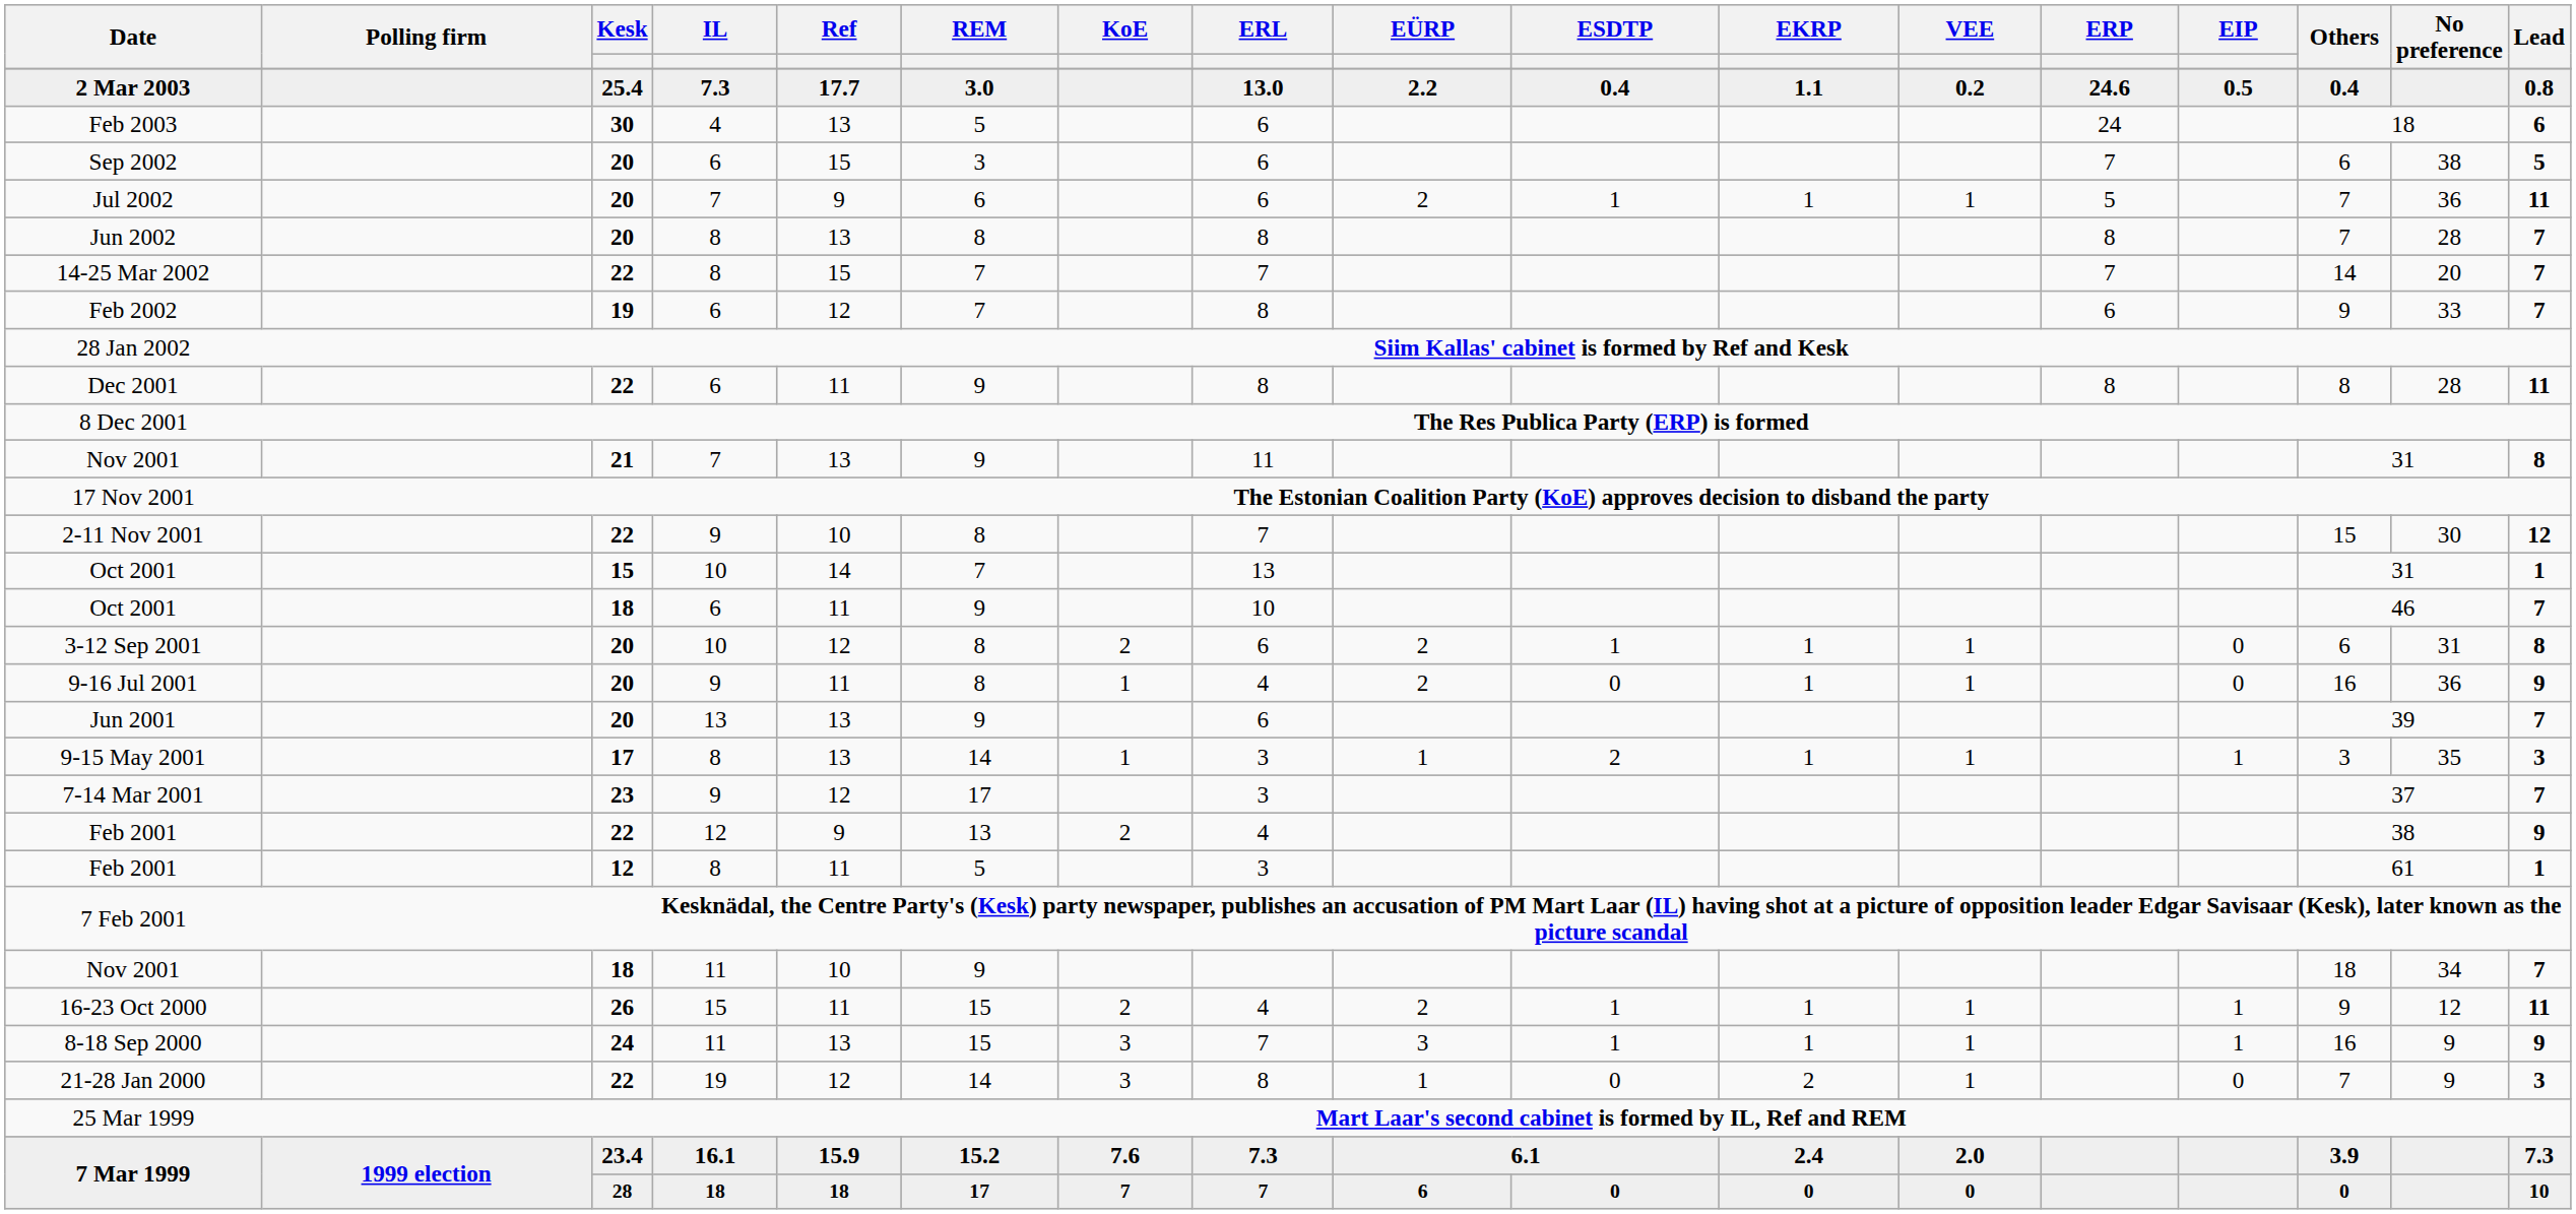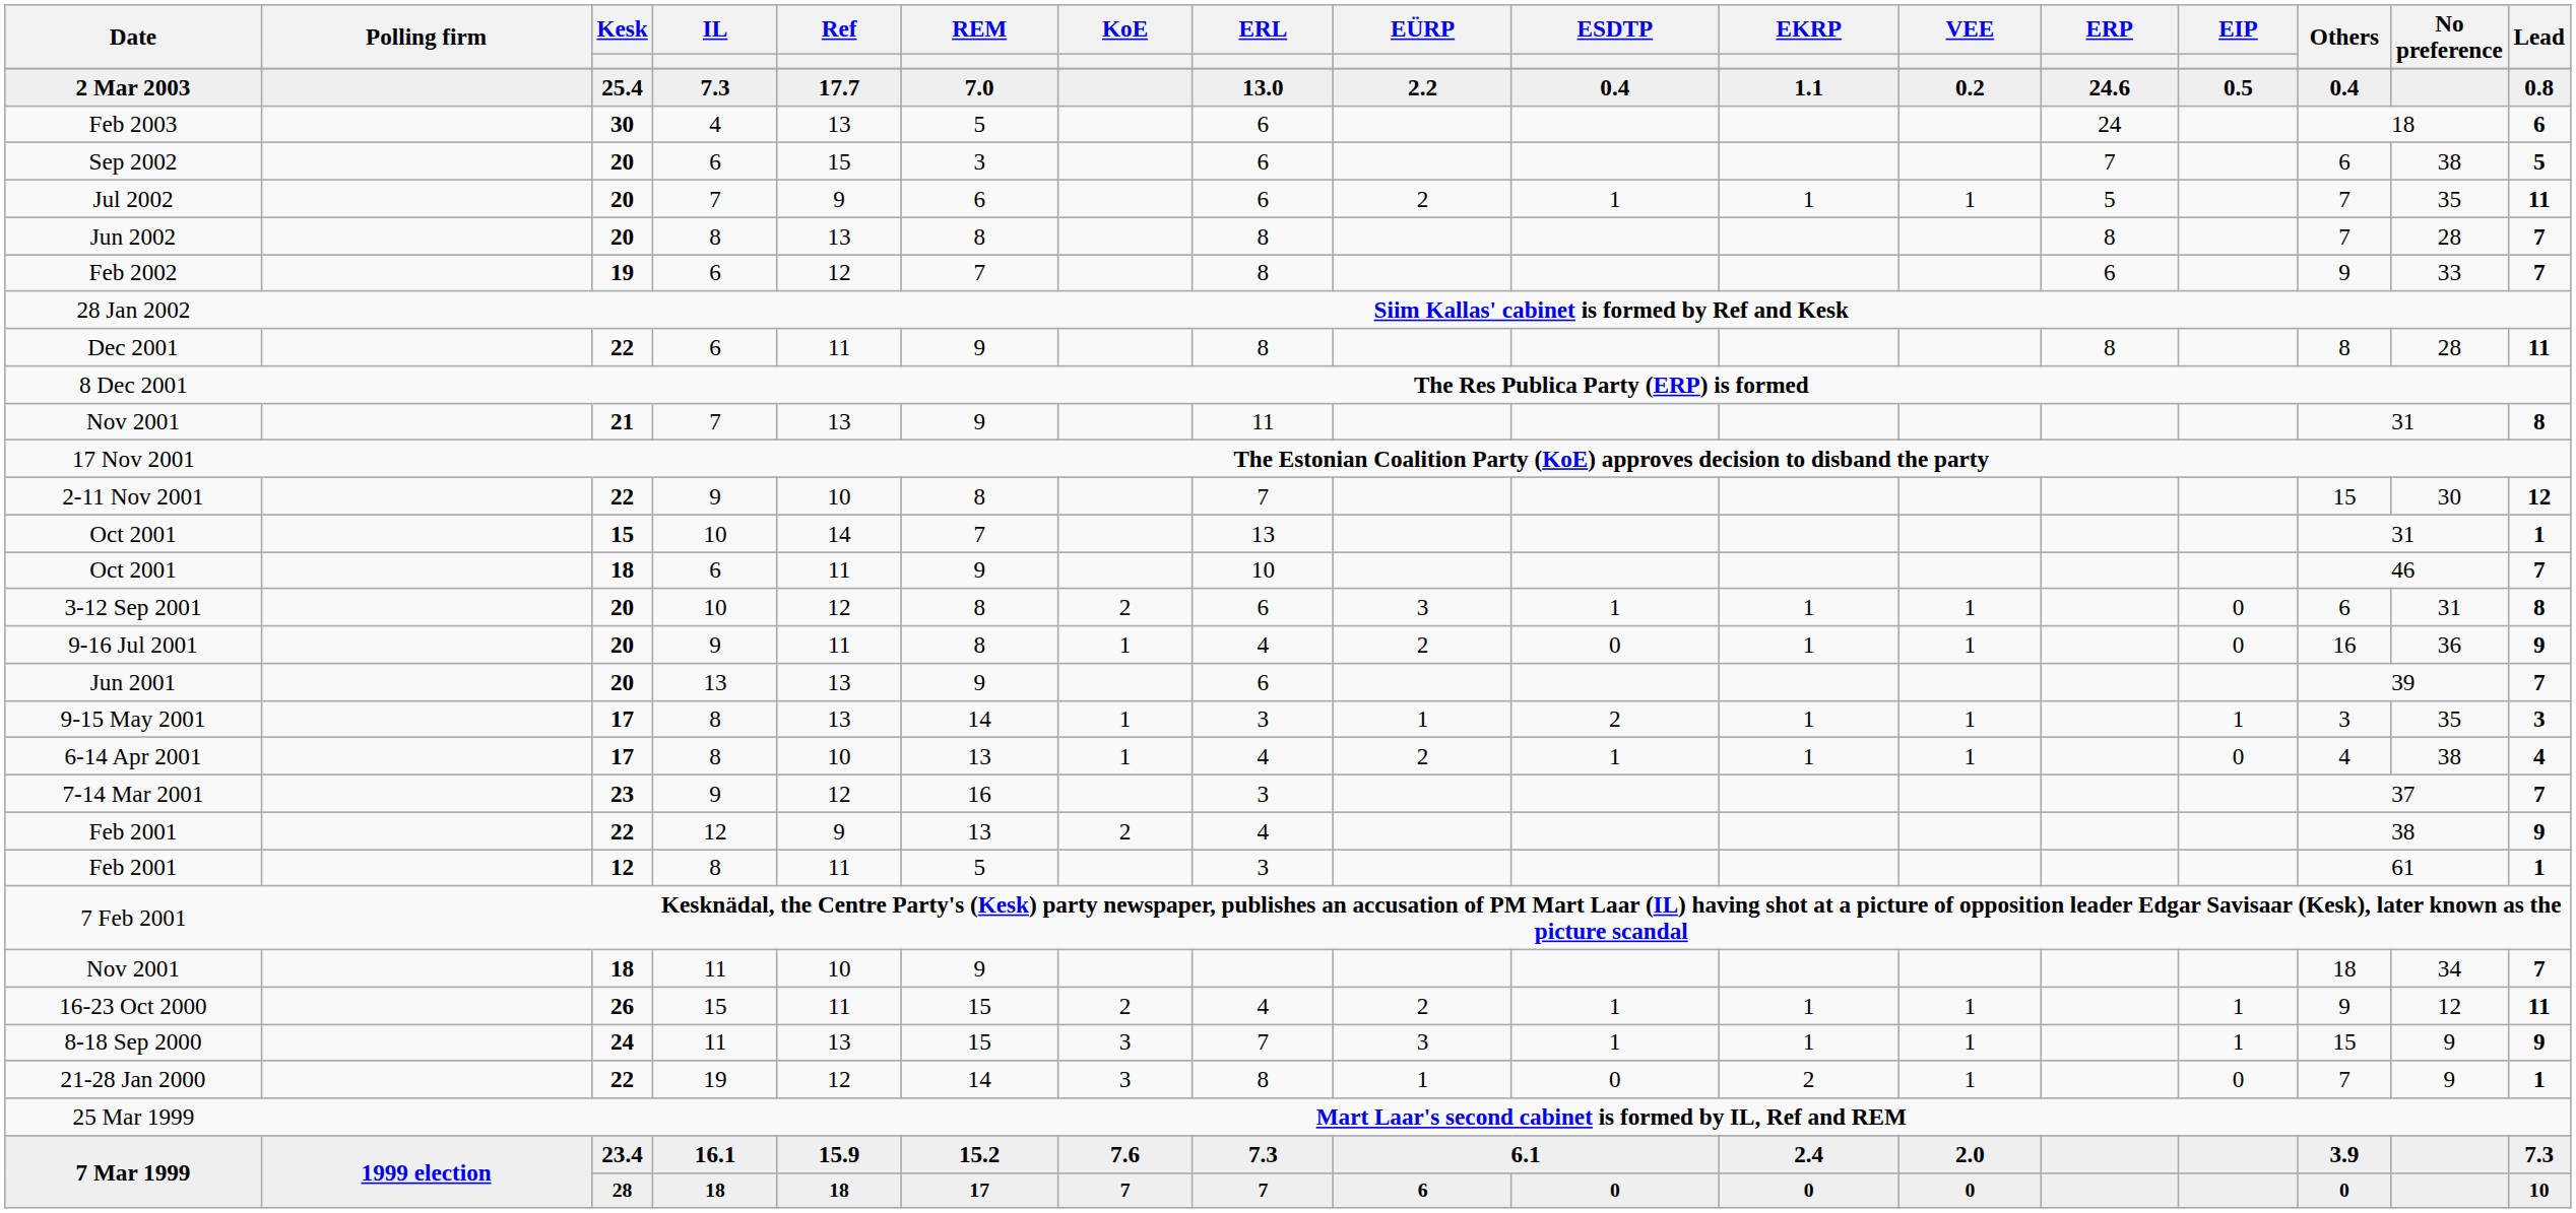 <table class="wikitable sortable" style="text-align:center; font-size:90%; line-height:16px;">
 <tr>
 <th rowspan="2" style="width:150px;">Date</th>
 <th rowspan="2" style="width:195px;">Polling firm</th>
 <th class="unsortable"><a href='#'><span>Kesk</span></a></th>
 <th class="unsortable"><a href='#'><span>IL</span></a></th>
 <th class="unsortable"><a href='#'><span>Ref</span></a></th>
 <th class="unsortable"><a href='#'><span>REM</span></a></th>
 <th class="unsortable"><a href='#'><span>KoE</span></a></th>
 <th class="unsortable"><a href='#'><span>ERL</span></a></th>
 <th class="unsortable"><a href='#'><span>EÜRP</span></a></th>
 <th class="unsortable"><a href='#'><span>ESDTP</span></a></th>
 <th class="unsortable"><a href='#'><span>EKRP</span></a></th>
 <th class="unsortable"><a href='#'><span>VEE</span></a></th>
 <th class="unsortable"><a href='#'><span>ERP</span></a></th>
 <th class="unsortable"><a href='#'><span>EIP</span></a></th>
 <th rowspan="2" style="width:50px;">Others</th>
 <th rowspan="2" style="width:50px;">No preference</th>
 <th rowspan="2" style="width:20px;">Lead</th>
 </tr>
 <tr>
 <th style="color:inherit;background:"></th>
 <th style="color:inherit;background:"></th>
 <th style="color:inherit;background:"></th>
 <th style="color:inherit;background:"></th>
 <th style="color:inherit;background:"></th>
 <th style="color:inherit;background:"></th>
 <th style="color:inherit;background:"></th>
 <th style="color:inherit;background:"></th>
 <th style="color:inherit;background:"></th>
 <th style="color:inherit;background:"></th>
 <th style="color:inherit;background:"></th>
 <th style="color:inherit;background:"></th>
 </tr>
 <tr>
 </tr>
 <tr style="background:#EFEFEF; font-weight:bold;">
 <td>2 Mar 2003</td>
 <td></td>
 <td>25.4</td>
 <td>7.3</td>
 <td>17.7</td>
-<td>3.0</td>
+<td>7.0</td>
 <td></td>
 <td>13.0</td>
 <td>2.2</td>
 <td>0.4</td>
 <td>1.1</td>
 <td>0.2</td>
 <td>24.6</td>
 <td>0.5</td>
 <td>0.4</td>
 <td></td>
 <td style="background:"><strong>0.8</strong></td>
 </tr>
 <tr>
 <td>Feb 2003</td>
 <td></td>
 <td><strong>30</strong></td>
 <td>4</td>
 <td>13</td>
 <td>5</td>
 <td></td>
 <td>6</td>
 <td></td>
 <td></td>
 <td></td>
 <td></td>
 <td>24</td>
 <td></td>
 <td colspan="2">18</td>
 <td style="background:"><strong>6</strong></td>
 </tr>
 <tr>
 <td>Sep 2002</td>
 <td></td>
 <td><strong>20</strong></td>
 <td>6</td>
 <td>15</td>
 <td>3</td>
 <td></td>
 <td>6</td>
 <td></td>
 <td></td>
 <td></td>
 <td></td>
 <td>7</td>
 <td></td>
 <td>6</td>
 <td>38</td>
 <td style="background:"><strong>5</strong></td>
 </tr>
 <tr>
 <td>Jul 2002</td>
 <td></td>
 <td><strong>20</strong></td>
 <td>7</td>
 <td>9</td>
 <td>6</td>
 <td></td>
 <td>6</td>
 <td>2</td>
 <td>1</td>
 <td>1</td>
 <td>1</td>
 <td>5</td>
 <td></td>
 <td>7</td>
-<td>36</td>
+<td>35</td>
 <td style="background:"><strong>11</strong></td>
 </tr>
 <tr>
 <td>Jun 2002</td>
 <td></td>
 <td><strong>20</strong></td>
 <td>8</td>
 <td>13</td>
 <td>8</td>
 <td></td>
 <td>8</td>
 <td></td>
 <td></td>
 <td></td>
 <td></td>
 <td>8</td>
 <td></td>
 <td>7</td>
 <td>28</td>
-<td style="background:"><strong>7</strong></td>
-</tr>
-<tr>
-<td>14-25 Mar 2002</td>
-<td></td>
-<td><strong>22</strong></td>
-<td>8</td>
-<td>15</td>
-<td>7</td>
-<td></td>
-<td>7</td>
-<td></td>
-<td></td>
-<td></td>
-<td></td>
-<td>7</td>
-<td></td>
-<td>14</td>
-<td>20</td>
 <td style="background:"><strong>7</strong></td>
 </tr>
 <tr>
 <td>Feb 2002</td>
 <td></td>
 <td><strong>19</strong></td>
 <td>6</td>
 <td>12</td>
 <td>7</td>
 <td></td>
 <td>8</td>
 <td></td>
 <td></td>
 <td></td>
 <td></td>
 <td>6</td>
 <td></td>
 <td>9</td>
 <td>33</td>
 <td style="background:"><strong>7</strong></td>
 </tr>
 <tr>
 <td style="border-right-style:hidden;">28 Jan 2002</td>
 <td style="border-right-style:hidden;"></td>
 <td style="border-right-style:hidden;"></td>
 <td colspan="14"><strong><a href='#'>Siim Kallas' cabinet</a> is formed by Ref and Kesk</strong></td>
 </tr>
 <tr>
 <td>Dec 2001</td>
 <td></td>
 <td><strong>22</strong></td>
 <td>6</td>
 <td>11</td>
 <td>9</td>
 <td></td>
 <td>8</td>
 <td></td>
 <td></td>
 <td></td>
 <td></td>
 <td>8</td>
 <td></td>
 <td>8</td>
 <td>28</td>
 <td style="background:"><strong>11</strong></td>
 </tr>
 <tr>
 <td style="border-right-style:hidden;">8 Dec 2001</td>
 <td style="border-right-style:hidden;"></td>
 <td style="border-right-style:hidden;"></td>
 <td colspan="14"><strong>The Res Publica Party (<a href='#'>ERP</a>) is formed</strong></td>
 </tr>
 <tr>
 <td>Nov 2001</td>
 <td></td>
 <td><strong>21</strong></td>
 <td>7</td>
 <td>13</td>
 <td>9</td>
 <td></td>
 <td>11</td>
 <td></td>
 <td></td>
 <td></td>
 <td></td>
 <td></td>
 <td></td>
 <td colspan="2">31</td>
 <td style="background:"><strong>8</strong></td>
 </tr>
 <tr>
 <td style="border-right-style:hidden;">17 Nov 2001</td>
 <td style="border-right-style:hidden;"></td>
 <td style="border-right-style:hidden;"></td>
 <td colspan="14"><strong>The Estonian Coalition Party (<a href='#'>KoE</a>) approves decision to disband the party</strong></td>
 </tr>
 <tr>
 <td>2-11 Nov 2001</td>
 <td></td>
 <td><strong>22</strong></td>
 <td>9</td>
 <td>10</td>
 <td>8</td>
 <td></td>
 <td>7</td>
 <td></td>
 <td></td>
 <td></td>
 <td></td>
 <td></td>
 <td></td>
 <td>15</td>
 <td>30</td>
 <td style="background:"><strong>12</strong></td>
 </tr>
 <tr>
 <td>Oct 2001</td>
 <td></td>
 <td><strong>15</strong></td>
 <td>10</td>
 <td>14</td>
 <td>7</td>
 <td></td>
 <td>13</td>
 <td></td>
 <td></td>
 <td></td>
 <td></td>
 <td></td>
 <td></td>
 <td colspan="2">31</td>
 <td style="background:"><strong>1</strong></td>
 </tr>
 <tr>
 <td>Oct 2001</td>
 <td></td>
 <td><strong>18</strong></td>
 <td>6</td>
 <td>11</td>
 <td>9</td>
 <td></td>
 <td>10</td>
 <td></td>
 <td></td>
 <td></td>
 <td></td>
 <td></td>
 <td></td>
 <td colspan="2">46</td>
 <td style="background:"><strong>7</strong></td>
 </tr>
 <tr>
 <td>3-12 Sep 2001</td>
 <td></td>
 <td><strong>20</strong></td>
 <td>10</td>
 <td>12</td>
 <td>8</td>
 <td>2</td>
 <td>6</td>
-<td>2</td>
+<td>3</td>
 <td>1</td>
 <td>1</td>
 <td>1</td>
 <td></td>
 <td>0</td>
 <td>6</td>
 <td>31</td>
 <td style="background:"><strong>8</strong></td>
 </tr>
 <tr>
 <td>9-16 Jul 2001</td>
 <td></td>
 <td><strong>20</strong></td>
 <td>9</td>
 <td>11</td>
 <td>8</td>
 <td>1</td>
 <td>4</td>
 <td>2</td>
 <td>0</td>
 <td>1</td>
 <td>1</td>
 <td></td>
 <td>0</td>
 <td>16</td>
 <td>36</td>
 <td style="background:"><strong>9</strong></td>
 </tr>
 <tr>
 <td>Jun 2001</td>
 <td></td>
 <td><strong>20</strong></td>
 <td>13</td>
 <td>13</td>
 <td>9</td>
 <td></td>
 <td>6</td>
 <td></td>
 <td></td>
 <td></td>
 <td></td>
 <td></td>
 <td></td>
 <td colspan="2">39</td>
 <td style="background:"><strong>7</strong></td>
 </tr>
 <tr>
 <td>9-15 May 2001</td>
 <td></td>
 <td><strong>17</strong></td>
 <td>8</td>
 <td>13</td>
 <td>14</td>
 <td>1</td>
 <td>3</td>
 <td>1</td>
 <td>2</td>
 <td>1</td>
 <td>1</td>
 <td></td>
 <td>1</td>
 <td>3</td>
 <td>35</td>
 <td style="background:"><strong>3</strong></td>
 </tr>
 <tr>
+<td>6-14 Apr 2001</td>
+<td></td>
+<td><strong>17</strong></td>
+<td>8</td>
+<td>10</td>
+<td>13</td>
+<td>1</td>
+<td>4</td>
+<td>2</td>
+<td>1</td>
+<td>1</td>
+<td>1</td>
+<td></td>
+<td>0</td>
+<td>4</td>
+<td>38</td>
+<td style="background:"><strong>4</strong></td>
+</tr>
+<tr>
 <td>7-14 Mar 2001</td>
 <td></td>
 <td><strong>23</strong></td>
 <td>9</td>
 <td>12</td>
-<td>17</td>
+<td>16</td>
 <td></td>
 <td>3</td>
 <td></td>
 <td></td>
 <td></td>
 <td></td>
 <td></td>
 <td></td>
 <td colspan="2">37</td>
 <td style="background:"><strong>7</strong></td>
 </tr>
 <tr>
 <td>Feb 2001</td>
 <td></td>
 <td><strong>22</strong></td>
 <td>12</td>
 <td>9</td>
 <td>13</td>
 <td>2</td>
 <td>4</td>
 <td></td>
 <td></td>
 <td></td>
 <td></td>
 <td></td>
 <td></td>
 <td colspan="2">38</td>
 <td style="background:"><strong>9</strong></td>
 </tr>
 <tr>
 <td>Feb 2001</td>
 <td></td>
 <td><strong>12</strong></td>
 <td>8</td>
 <td>11</td>
 <td>5</td>
 <td></td>
 <td>3</td>
 <td></td>
 <td></td>
 <td></td>
 <td></td>
 <td></td>
 <td></td>
 <td colspan="2">61</td>
 <td style="background:"><strong>1</strong></td>
 </tr>
 <tr>
 <td style="border-right-style:hidden;">7 Feb 2001</td>
 <td style="border-right-style:hidden;"></td>
 <td style="border-right-style:hidden;"></td>
 <td colspan="14"><strong>Kesknädal, the Centre Party's (<a href='#'>Kesk</a>) party newspaper, publishes an accusation of PM Mart Laar (<a href='#'>IL</a>) having shot at a picture of opposition leader Edgar Savisaar (Kesk), later known as the <a href='#'>picture scandal</a></strong></td>
 </tr>
 <tr>
 <td>Nov 2001</td>
 <td></td>
 <td><strong>18</strong></td>
 <td>11</td>
 <td>10</td>
 <td>9</td>
 <td></td>
 <td></td>
 <td></td>
 <td></td>
 <td></td>
 <td></td>
 <td></td>
 <td></td>
 <td>18</td>
 <td>34</td>
 <td style="background:"><strong>7</strong></td>
 </tr>
 <tr>
 <td>16-23 Oct 2000</td>
 <td></td>
 <td><strong>26</strong></td>
 <td>15</td>
 <td>11</td>
 <td>15</td>
 <td>2</td>
 <td>4</td>
 <td>2</td>
 <td>1</td>
 <td>1</td>
 <td>1</td>
 <td></td>
 <td>1</td>
 <td>9</td>
 <td>12</td>
 <td style="background:"><strong>11</strong></td>
 </tr>
 <tr>
 <td>8-18 Sep 2000</td>
 <td></td>
 <td><strong>24</strong></td>
 <td>11</td>
 <td>13</td>
 <td>15</td>
 <td>3</td>
 <td>7</td>
 <td>3</td>
 <td>1</td>
 <td>1</td>
 <td>1</td>
 <td></td>
 <td>1</td>
-<td>16</td>
+<td>15</td>
 <td>9</td>
 <td style="background:"><strong>9</strong></td>
 </tr>
 <tr>
 <td>21-28 Jan 2000</td>
 <td></td>
 <td><strong>22</strong></td>
 <td>19</td>
 <td>12</td>
 <td>14</td>
 <td>3</td>
 <td>8</td>
 <td>1</td>
 <td>0</td>
 <td>2</td>
 <td>1</td>
 <td></td>
 <td>0</td>
 <td>7</td>
 <td>9</td>
-<td style="background:"><strong>3</strong></td>
+<td style="background:"><strong>1</strong></td>
 </tr>
 <tr>
 <td style="border-right-style:hidden;">25 Mar 1999</td>
 <td style="border-right-style:hidden;"></td>
 <td style="border-right-style:hidden;"></td>
 <td colspan="14"><strong><a href='#'>Mart Laar's second cabinet</a> is formed by IL, Ref and REM</strong></td>
 </tr>
 <tr style="background:#EFEFEF; font-weight:bold;">
 <td rowspan="2">7 Mar 1999</td>
 <td rowspan="2"><a href='#'>1999 election</a></td>
 <td><strong>23.4</strong></td>
 <td>16.1</td>
 <td>15.9</td>
 <td>15.2</td>
 <td>7.6</td>
 <td>7.3</td>
 <td colspan="2">6.1</td>
 <td>2.4</td>
 <td>2.0</td>
 <td></td>
 <td></td>
 <td>3.9</td>
 <td></td>
 <td style="background:"><strong>7.3</strong></td>
 </tr>
 <tr style="background:#EFEFEF; font-weight:bold;font-size:85%;">
 <td>28</td>
 <td>18</td>
 <td>18</td>
 <td>17</td>
 <td>7</td>
 <td>7</td>
 <td>6</td>
 <td>0</td>
 <td>0</td>
 <td>0</td>
 <td></td>
 <td></td>
 <td>0</td>
 <td></td>
 <td style="background:"><strong>10</strong></td>
 </tr>
 </table>
